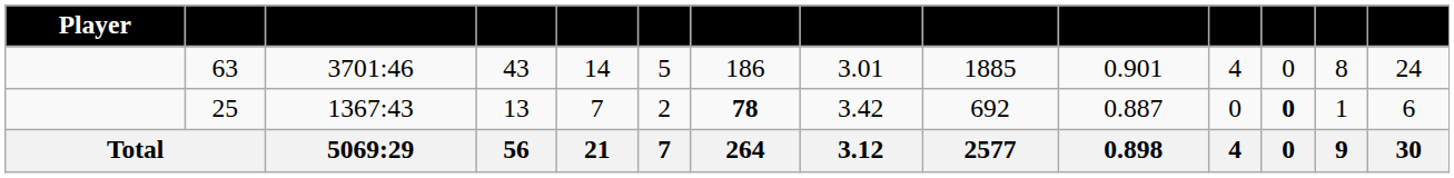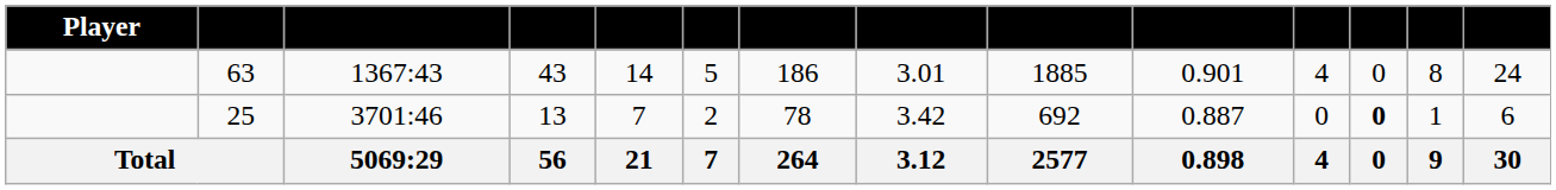 <table class="wikitable sortable" style="width:100%; text-align:center;">
 <tr>
 <th style="color:white; background:#000000; ">Player</th>
 <th style="color:white; background:#000000; "></th>
 <th style="color:white; background:#000000; "></th>
 <th style="color:white; background:#000000; "></th>
 <th style="color:white; background:#000000; "></th>
 <th style="color:white; background:#000000; "></th>
 <th style="color:white; background:#000000; "></th>
 <th style="color:white; background:#000000; "></th>
 <th style="color:white; background:#000000; "></th>
 <th style="color:white; background:#000000; "></th>
 <th style="color:white; background:#000000; "></th>
 <th style="color:white; background:#000000; "></th>
 <th style="color:white; background:#000000; "></th>
 <th style="color:white; background:#000000; "></th>
 </tr>
 <tr>
 <td></td>
 <td>63</td>
-<td>3701:46</td>
+<td>1367:43</td>
 <td>43</td>
 <td>14</td>
 <td>5</td>
 <td>186</td>
 <td>3.01</td>
 <td>1885</td>
 <td>0.901</td>
 <td>4</td>
 <td>0</td>
 <td>8</td>
 <td>24</td>
 </tr>
 <tr>
 <td></td>
 <td>25</td>
-<td>1367:43</td>
+<td>3701:46</td>
 <td>13</td>
 <td>7</td>
 <td>2</td>
-<td><strong>78</strong></td>
+<td>78</td>
 <td>3.42</td>
 <td>692</td>
 <td>0.887</td>
 <td>0</td>
 <td><strong>0</strong></td>
 <td>1</td>
 <td>6</td>
 </tr>
 <tr class="sortbotom">
 <th colspan=2>Total</th>
 <th>5069:29</th>
 <th>56</th>
 <th>21</th>
 <th>7</th>
 <th>264</th>
 <th>3.12</th>
 <th>2577</th>
 <th>0.898</th>
 <th>4</th>
 <th>0</th>
 <th>9</th>
 <th>30</th>
 </tr>
 </table>
